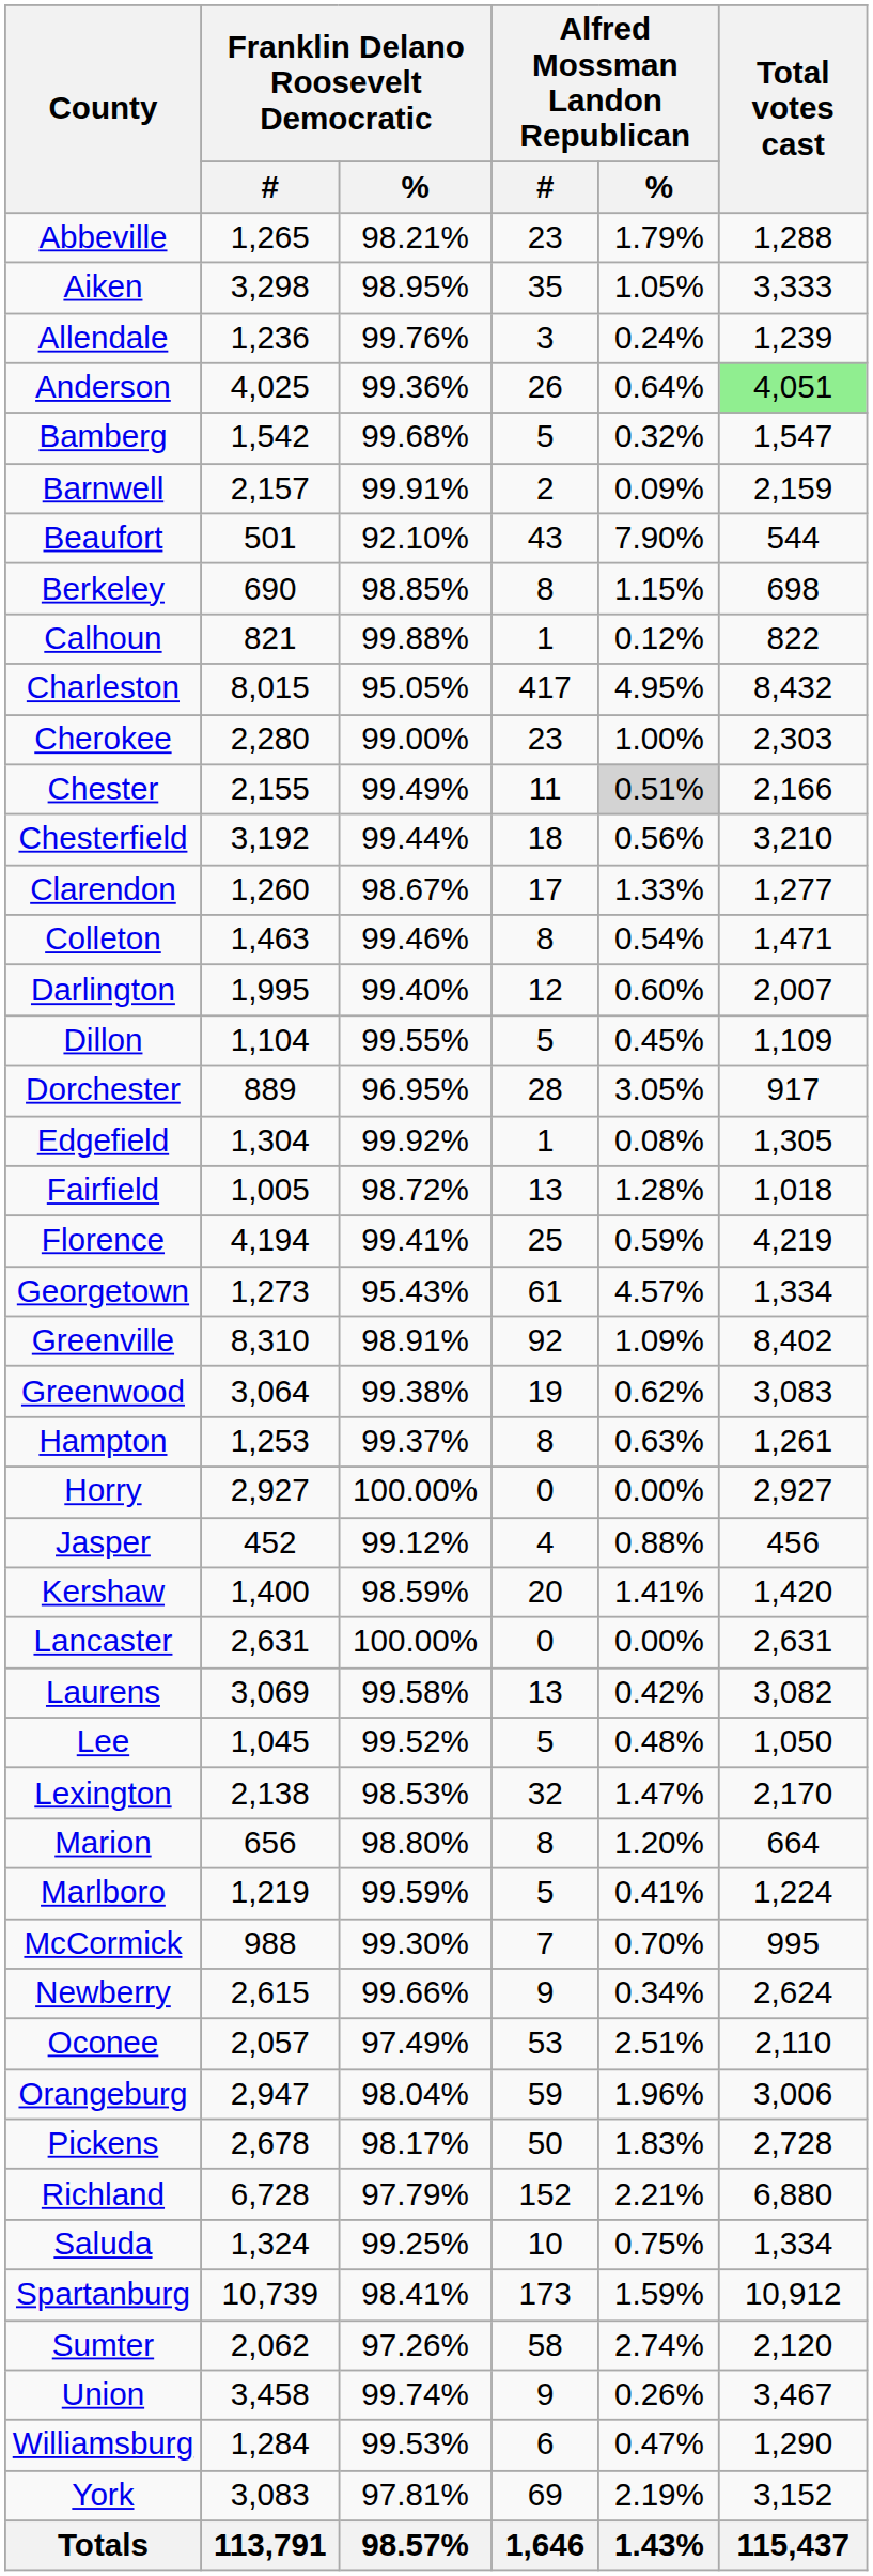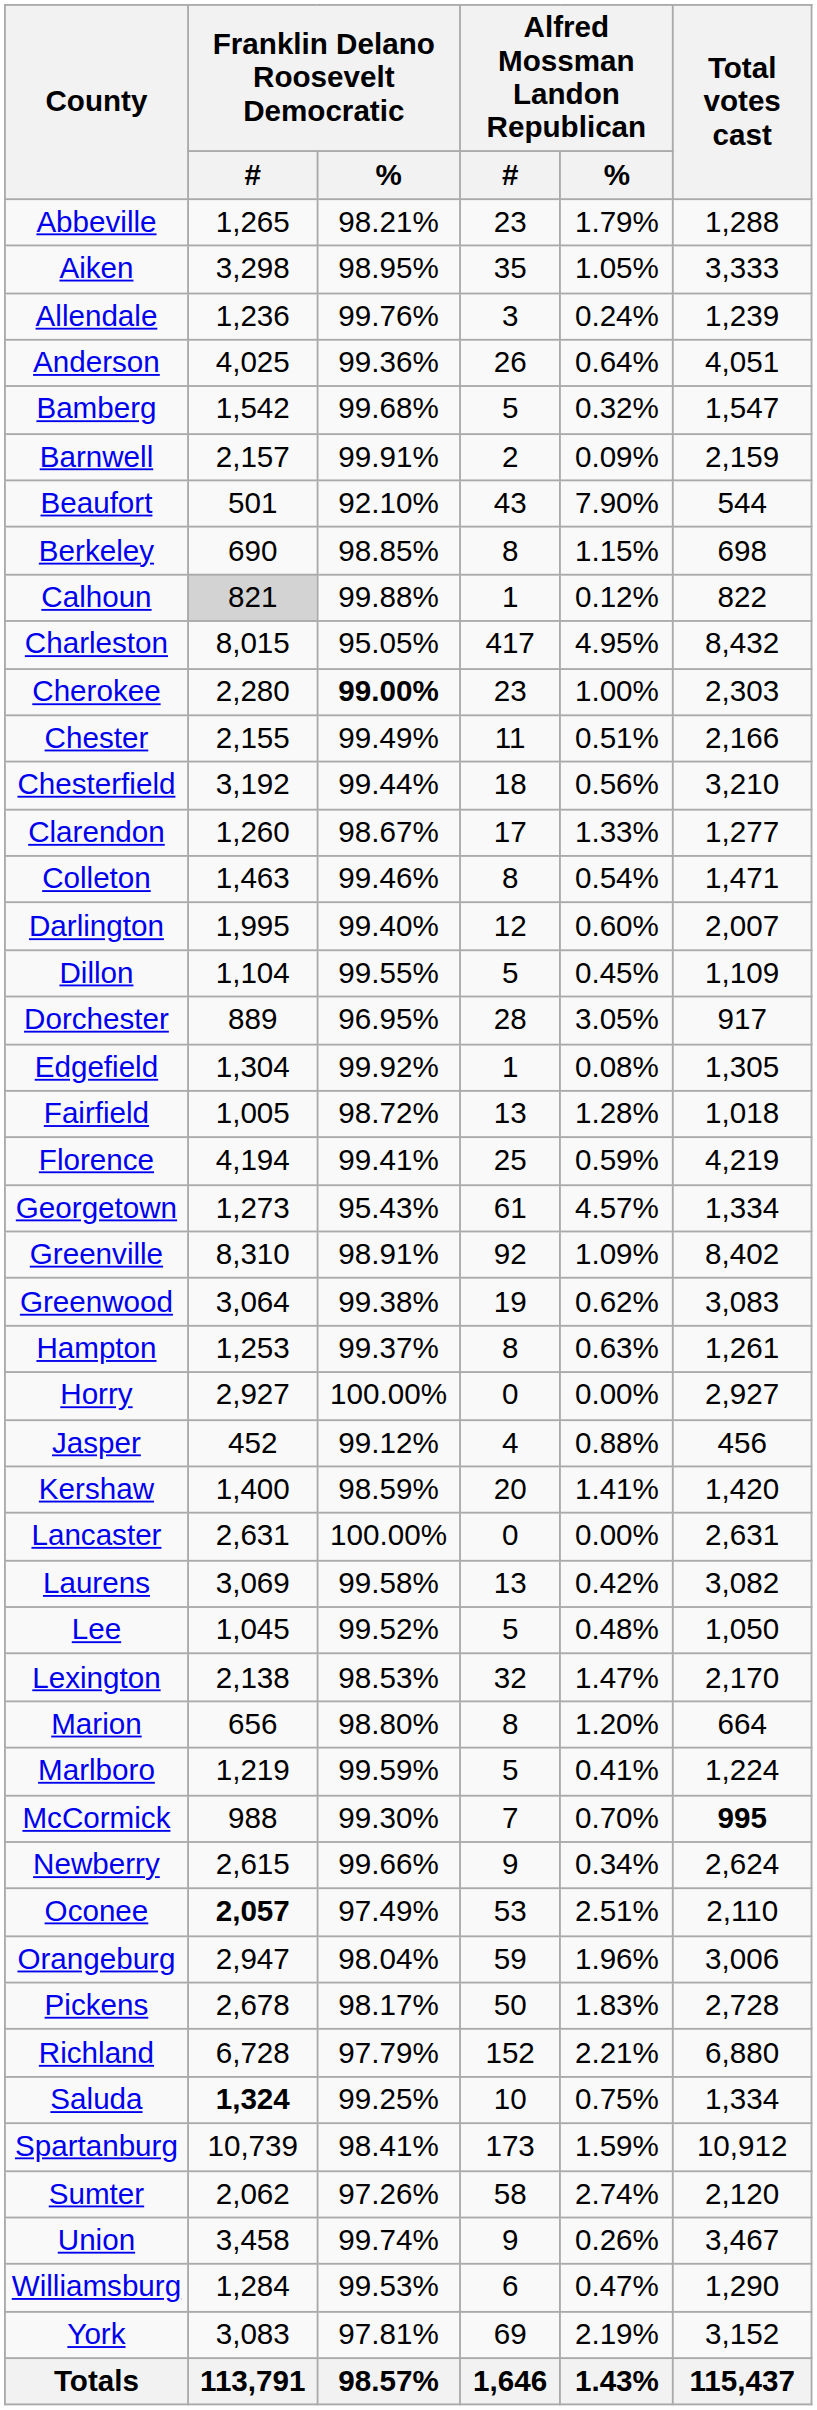 <table width="70%" class="wikitable sortable">
 <tr>
 <th rowspan="2">County</th>
 <th colspan="2">Franklin Delano Roosevelt<br>Democratic</th>
 <th colspan="2">Alfred Mossman Landon<br>Republican</th>
 <th rowspan="2" data-sort-type="number">Total votes cast</th>
 </tr>
 <tr bgcolor="lightgrey">
 <th data-sort-type="number">#</th>
 <th data-sort-type="number">%</th>
 <th data-sort-type="number">#</th>
 <th data-sort-type="number">%</th>
 </tr>
 <tr style="text-align:center;">
 <td><a href='#'>Abbeville</a></td>
 <td>1,265</td>
 <td>98.21%</td>
 <td>23</td>
 <td>1.79%</td>
 <td>1,288</td>
 </tr>
 <tr style="text-align:center;">
 <td><a href='#'>Aiken</a></td>
 <td>3,298</td>
 <td>98.95%</td>
 <td>35</td>
 <td>1.05%</td>
 <td>3,333</td>
 </tr>
 <tr style="text-align:center;">
 <td><a href='#'>Allendale</a></td>
 <td>1,236</td>
 <td>99.76%</td>
 <td>3</td>
 <td>0.24%</td>
 <td>1,239</td>
 </tr>
 <tr style="text-align:center;">
 <td><a href='#'>Anderson</a></td>
 <td>4,025</td>
 <td>99.36%</td>
 <td>26</td>
 <td>0.64%</td>
-<td style="background: lightgreen;">4,051</td>
+<td>4,051</td>
 </tr>
 <tr style="text-align:center;">
 <td><a href='#'>Bamberg</a></td>
 <td>1,542</td>
 <td>99.68%</td>
 <td>5</td>
 <td>0.32%</td>
 <td>1,547</td>
 </tr>
 <tr style="text-align:center;">
 <td><a href='#'>Barnwell</a></td>
 <td>2,157</td>
 <td>99.91%</td>
 <td>2</td>
 <td>0.09%</td>
 <td>2,159</td>
 </tr>
 <tr style="text-align:center;">
 <td><a href='#'>Beaufort</a></td>
 <td>501</td>
 <td>92.10%</td>
 <td>43</td>
 <td>7.90%</td>
 <td>544</td>
 </tr>
 <tr style="text-align:center;">
 <td><a href='#'>Berkeley</a></td>
 <td>690</td>
 <td>98.85%</td>
 <td>8</td>
 <td>1.15%</td>
 <td>698</td>
 </tr>
 <tr style="text-align:center;">
 <td><a href='#'>Calhoun</a></td>
-<td>821</td>
+<td style="background: lightgrey;">821</td>
 <td>99.88%</td>
 <td>1</td>
 <td>0.12%</td>
 <td>822</td>
 </tr>
 <tr style="text-align:center;">
 <td><a href='#'>Charleston</a></td>
 <td>8,015</td>
 <td>95.05%</td>
 <td>417</td>
 <td>4.95%</td>
 <td>8,432</td>
 </tr>
 <tr style="text-align:center;">
 <td><a href='#'>Cherokee</a></td>
 <td>2,280</td>
-<td>99.00%</td>
+<td><strong>99.00%</strong></td>
 <td>23</td>
 <td>1.00%</td>
 <td>2,303</td>
 </tr>
 <tr style="text-align:center;">
 <td><a href='#'>Chester</a></td>
 <td>2,155</td>
 <td>99.49%</td>
 <td>11</td>
-<td style="background: lightgrey;">0.51%</td>
+<td>0.51%</td>
 <td>2,166</td>
 </tr>
 <tr style="text-align:center;">
 <td><a href='#'>Chesterfield</a></td>
 <td>3,192</td>
 <td>99.44%</td>
 <td>18</td>
 <td>0.56%</td>
 <td>3,210</td>
 </tr>
 <tr style="text-align:center;">
 <td><a href='#'>Clarendon</a></td>
 <td>1,260</td>
 <td>98.67%</td>
 <td>17</td>
 <td>1.33%</td>
 <td>1,277</td>
 </tr>
 <tr style="text-align:center;">
 <td><a href='#'>Colleton</a></td>
 <td>1,463</td>
 <td>99.46%</td>
 <td>8</td>
 <td>0.54%</td>
 <td>1,471</td>
 </tr>
 <tr style="text-align:center;">
 <td><a href='#'>Darlington</a></td>
 <td>1,995</td>
 <td>99.40%</td>
 <td>12</td>
 <td>0.60%</td>
 <td>2,007</td>
 </tr>
 <tr style="text-align:center;">
 <td><a href='#'>Dillon</a></td>
 <td>1,104</td>
 <td>99.55%</td>
 <td>5</td>
 <td>0.45%</td>
 <td>1,109</td>
 </tr>
 <tr style="text-align:center;">
 <td><a href='#'>Dorchester</a></td>
 <td>889</td>
 <td>96.95%</td>
 <td>28</td>
 <td>3.05%</td>
 <td>917</td>
 </tr>
 <tr style="text-align:center;">
 <td><a href='#'>Edgefield</a></td>
 <td>1,304</td>
 <td>99.92%</td>
 <td>1</td>
 <td>0.08%</td>
 <td>1,305</td>
 </tr>
 <tr style="text-align:center;">
 <td><a href='#'>Fairfield</a></td>
 <td>1,005</td>
 <td>98.72%</td>
 <td>13</td>
 <td>1.28%</td>
 <td>1,018</td>
 </tr>
 <tr style="text-align:center;">
 <td><a href='#'>Florence</a></td>
 <td>4,194</td>
 <td>99.41%</td>
 <td>25</td>
 <td>0.59%</td>
 <td>4,219</td>
 </tr>
 <tr style="text-align:center;">
 <td><a href='#'>Georgetown</a></td>
 <td>1,273</td>
 <td>95.43%</td>
 <td>61</td>
 <td>4.57%</td>
 <td>1,334</td>
 </tr>
 <tr style="text-align:center;">
 <td><a href='#'>Greenville</a></td>
 <td>8,310</td>
 <td>98.91%</td>
 <td>92</td>
 <td>1.09%</td>
 <td>8,402</td>
 </tr>
 <tr style="text-align:center;">
 <td><a href='#'>Greenwood</a></td>
 <td>3,064</td>
 <td>99.38%</td>
 <td>19</td>
 <td>0.62%</td>
 <td>3,083</td>
 </tr>
 <tr style="text-align:center;">
 <td><a href='#'>Hampton</a></td>
 <td>1,253</td>
 <td>99.37%</td>
 <td>8</td>
 <td>0.63%</td>
 <td>1,261</td>
 </tr>
 <tr style="text-align:center;">
 <td><a href='#'>Horry</a></td>
 <td>2,927</td>
 <td>100.00%</td>
 <td>0</td>
 <td>0.00%</td>
 <td>2,927</td>
 </tr>
 <tr style="text-align:center;">
 <td><a href='#'>Jasper</a></td>
 <td>452</td>
 <td>99.12%</td>
 <td>4</td>
 <td>0.88%</td>
 <td>456</td>
 </tr>
 <tr style="text-align:center;">
 <td><a href='#'>Kershaw</a></td>
 <td>1,400</td>
 <td>98.59%</td>
 <td>20</td>
 <td>1.41%</td>
 <td>1,420</td>
 </tr>
 <tr style="text-align:center;">
 <td><a href='#'>Lancaster</a></td>
 <td>2,631</td>
 <td>100.00%</td>
 <td>0</td>
 <td>0.00%</td>
 <td>2,631</td>
 </tr>
 <tr style="text-align:center;">
 <td><a href='#'>Laurens</a></td>
 <td>3,069</td>
 <td>99.58%</td>
 <td>13</td>
 <td>0.42%</td>
 <td>3,082</td>
 </tr>
 <tr style="text-align:center;">
 <td><a href='#'>Lee</a></td>
 <td>1,045</td>
 <td>99.52%</td>
 <td>5</td>
 <td>0.48%</td>
 <td>1,050</td>
 </tr>
 <tr style="text-align:center;">
 <td><a href='#'>Lexington</a></td>
 <td>2,138</td>
 <td>98.53%</td>
 <td>32</td>
 <td>1.47%</td>
 <td>2,170</td>
 </tr>
 <tr style="text-align:center;">
 <td><a href='#'>Marion</a></td>
 <td>656</td>
 <td>98.80%</td>
 <td>8</td>
 <td>1.20%</td>
 <td>664</td>
 </tr>
 <tr style="text-align:center;">
 <td><a href='#'>Marlboro</a></td>
 <td>1,219</td>
 <td>99.59%</td>
 <td>5</td>
 <td>0.41%</td>
 <td>1,224</td>
 </tr>
 <tr style="text-align:center;">
 <td><a href='#'>McCormick</a></td>
 <td>988</td>
 <td>99.30%</td>
 <td>7</td>
 <td>0.70%</td>
-<td>995</td>
+<td><strong>995</strong></td>
 </tr>
 <tr style="text-align:center;">
 <td><a href='#'>Newberry</a></td>
 <td>2,615</td>
 <td>99.66%</td>
 <td>9</td>
 <td>0.34%</td>
 <td>2,624</td>
 </tr>
 <tr style="text-align:center;">
 <td><a href='#'>Oconee</a></td>
-<td>2,057</td>
+<td><strong>2,057</strong></td>
 <td>97.49%</td>
 <td>53</td>
 <td>2.51%</td>
 <td>2,110</td>
 </tr>
 <tr style="text-align:center;">
 <td><a href='#'>Orangeburg</a></td>
 <td>2,947</td>
 <td>98.04%</td>
 <td>59</td>
 <td>1.96%</td>
 <td>3,006</td>
 </tr>
 <tr style="text-align:center;">
 <td><a href='#'>Pickens</a></td>
 <td>2,678</td>
 <td>98.17%</td>
 <td>50</td>
 <td>1.83%</td>
 <td>2,728</td>
 </tr>
 <tr style="text-align:center;">
 <td><a href='#'>Richland</a></td>
 <td>6,728</td>
 <td>97.79%</td>
 <td>152</td>
 <td>2.21%</td>
 <td>6,880</td>
 </tr>
 <tr style="text-align:center;">
 <td><a href='#'>Saluda</a></td>
-<td>1,324</td>
+<td><strong>1,324</strong></td>
 <td>99.25%</td>
 <td>10</td>
 <td>0.75%</td>
 <td>1,334</td>
 </tr>
 <tr style="text-align:center;">
 <td><a href='#'>Spartanburg</a></td>
 <td>10,739</td>
 <td>98.41%</td>
 <td>173</td>
 <td>1.59%</td>
 <td>10,912</td>
 </tr>
 <tr style="text-align:center;">
 <td><a href='#'>Sumter</a></td>
 <td>2,062</td>
 <td>97.26%</td>
 <td>58</td>
 <td>2.74%</td>
 <td>2,120</td>
 </tr>
 <tr style="text-align:center;">
 <td><a href='#'>Union</a></td>
 <td>3,458</td>
 <td>99.74%</td>
 <td>9</td>
 <td>0.26%</td>
 <td>3,467</td>
 </tr>
 <tr style="text-align:center;">
 <td><a href='#'>Williamsburg</a></td>
 <td>1,284</td>
 <td>99.53%</td>
 <td>6</td>
 <td>0.47%</td>
 <td>1,290</td>
 </tr>
 <tr style="text-align:center;">
 <td><a href='#'>York</a></td>
 <td>3,083</td>
 <td>97.81%</td>
 <td>69</td>
 <td>2.19%</td>
 <td>3,152</td>
 </tr>
 <tr style="text-align:center;">
 <th>Totals</th>
 <th>113,791</th>
 <th>98.57%</th>
 <th>1,646</th>
 <th>1.43%</th>
 <th>115,437</th>
 </tr>
 </table>
